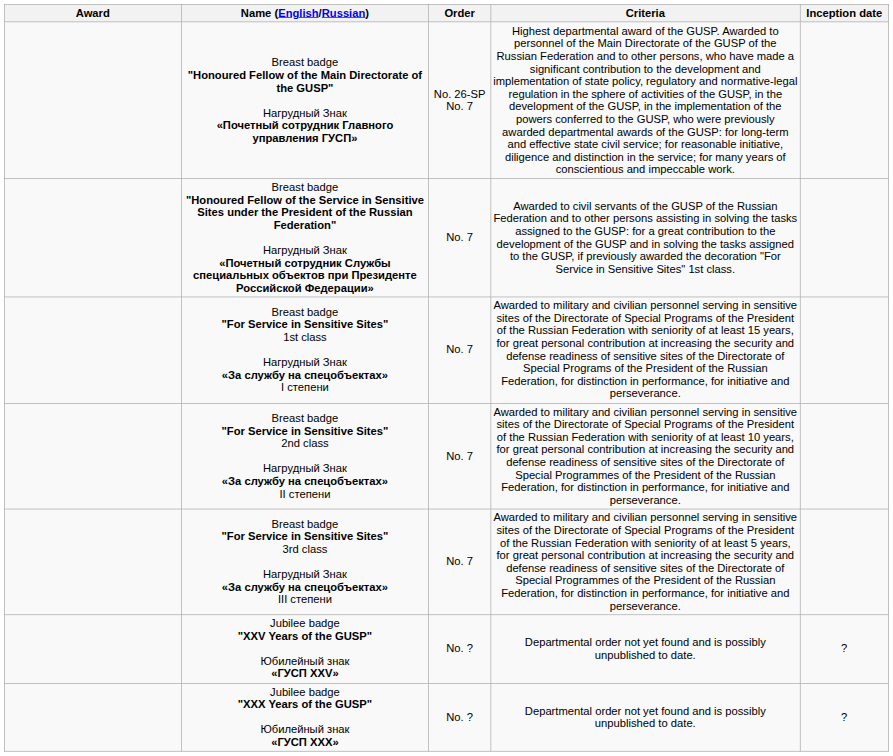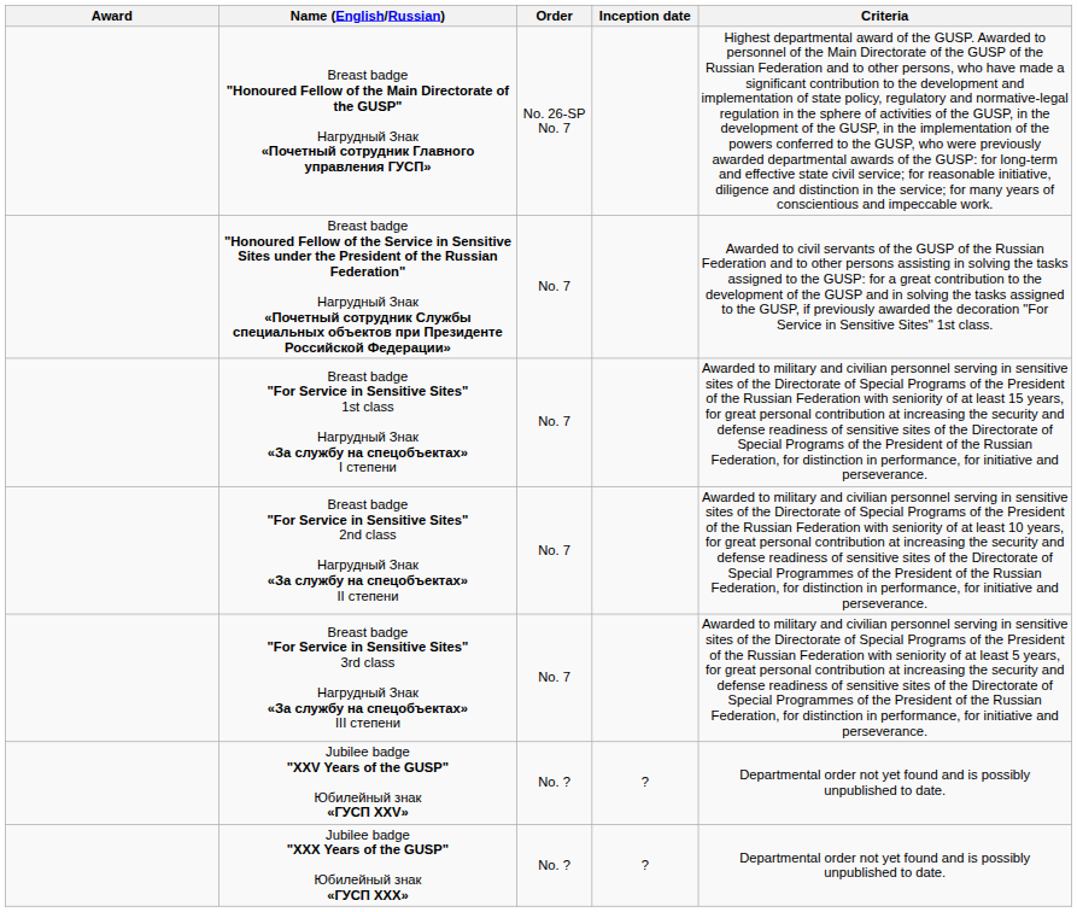 <table class="wikitable sortable" style="width:100%; text-align: center">
 <tr>
 <th style="width:20%">Award</th>
 <th style="width:28%">Name (<a href='#'>English</a>/<a href='#'>Russian</a>)</th>
 <th style="width:7%">Order</th>
+<th style="width:10%">Inception date</th>
 <th style="width:35%">Criteria</th>
-<th style="width:10%">Inception date</th>
 </tr>
 <tr>
 <td></td>
 <td>Breast badge<br><strong>"Honoured Fellow of the Main Directorate of the GUSP"</strong><br><br>Нагрудный Знак<br><strong>«Почетный сотрудник Главного управления ГУСП»</strong></td>
 <td>No. 26-SP<br>No. 7</td>
+<td><br></td>
 <td>Highest departmental award of the GUSP.  Awarded to personnel of the Main Directorate of the GUSP of the Russian Federation and to other persons, who have made a significant contribution to the development and implementation of state policy, regulatory and normative-legal regulation in the sphere of activities of the GUSP, in the development of the GUSP, in the implementation of the powers conferred to the GUSP, who were previously awarded departmental awards of the GUSP: for long-term and effective state civil service; for reasonable initiative, diligence and distinction in the service; for many years of conscientious and impeccable work.</td>
-<td><br></td>
 </tr>
 <tr>
 <td></td>
 <td>Breast badge<br><strong>"Honoured Fellow of the Service in Sensitive Sites under the President of the Russian Federation"</strong><br><br>Нагрудный Знак<br><strong>«Почетный сотрудник Службы специальных объектов при Президенте Российской Федерации»</strong></td>
 <td>No. 7</td>
+<td></td>
 <td>Awarded to civil servants of the GUSP of the Russian Federation and to other persons assisting in solving the tasks assigned to the GUSP:  for a great contribution to the development of the GUSP and in solving the tasks assigned to the GUSP, if previously awarded the decoration "For Service in Sensitive Sites" 1st class.</td>
-<td></td>
 </tr>
 <tr>
 <td></td>
 <td>Breast badge<br><strong>"For Service in Sensitive Sites"</strong><br>1st class<br><br>Нагрудный Знак<br><strong>«За службу на спецобъектах»</strong><br>I степени</td>
 <td>No. 7</td>
+<td></td>
 <td>Awarded to military and civilian personnel serving in sensitive sites of the Directorate of Special Programs of the President of the Russian Federation with seniority of at least 15 years, for great personal contribution at increasing the security and defense readiness of sensitive sites of the Directorate of Special Programs of the President of the Russian Federation, for distinction in performance, for initiative and perseverance.</td>
-<td></td>
 </tr>
 <tr>
 <td></td>
 <td>Breast badge<br><strong>"For Service in Sensitive Sites"</strong><br>2nd class<br><br>Нагрудный Знак<br><strong>«За службу на спецобъектах»</strong><br>II степени</td>
 <td>No. 7</td>
+<td></td>
 <td>Awarded to military and civilian personnel serving in sensitive sites of the Directorate of Special Programs of the President of the Russian Federation with seniority of at least 10 years, for great personal contribution at increasing the security and defense readiness of sensitive sites of the Directorate of Special Programmes of the President of the Russian Federation, for distinction in performance, for initiative and perseverance.</td>
-<td></td>
 </tr>
 <tr>
 <td></td>
 <td>Breast badge<br><strong>"For Service in Sensitive Sites"</strong><br>3rd class<br><br>Нагрудный Знак<br><strong>«За службу на спецобъектах»</strong><br>III степени</td>
 <td>No. 7</td>
+<td></td>
 <td>Awarded to military and civilian personnel serving in sensitive sites of the Directorate of Special Programs of the President of the Russian Federation with seniority of at least 5 years, for great personal contribution at increasing the security and defense readiness of sensitive sites of the Directorate of Special Programmes of the President of the Russian Federation, for distinction in performance, for initiative and perseverance.</td>
-<td></td>
 </tr>
 <tr>
 <td></td>
 <td>Jubilee badge<br><strong>"XXV Years of the GUSP"</strong><br><br>Юбилейный знак<br><strong>«ГУСП XXV»</strong></td>
 <td>No. ?</td>
+<td>?</td>
 <td>Departmental order not yet found and is possibly unpublished to date.</td>
-<td>?</td>
 </tr>
 <tr>
 <td></td>
 <td>Jubilee badge<br><strong>"XXX Years of the GUSP"</strong><br><br>Юбилейный знак<br><strong>«ГУСП XXX»</strong></td>
 <td>No. ?</td>
+<td>?</td>
 <td>Departmental order not yet found and is possibly unpublished to date.</td>
-<td>?</td>
 </tr>
 </table>
